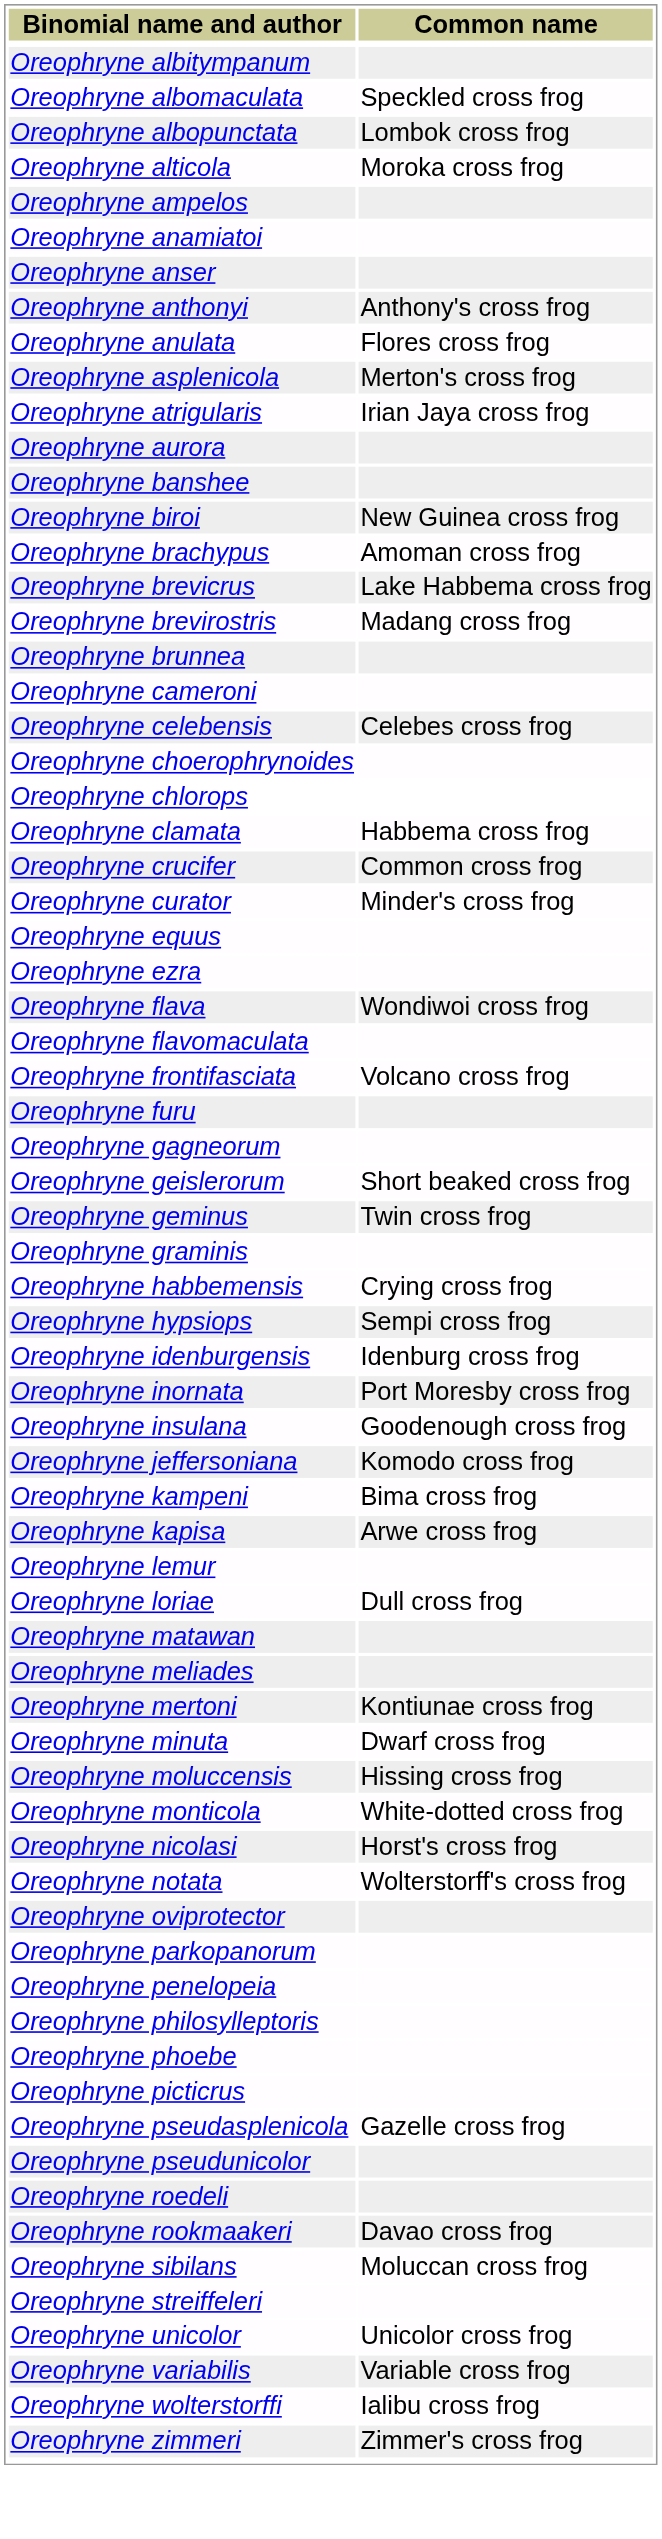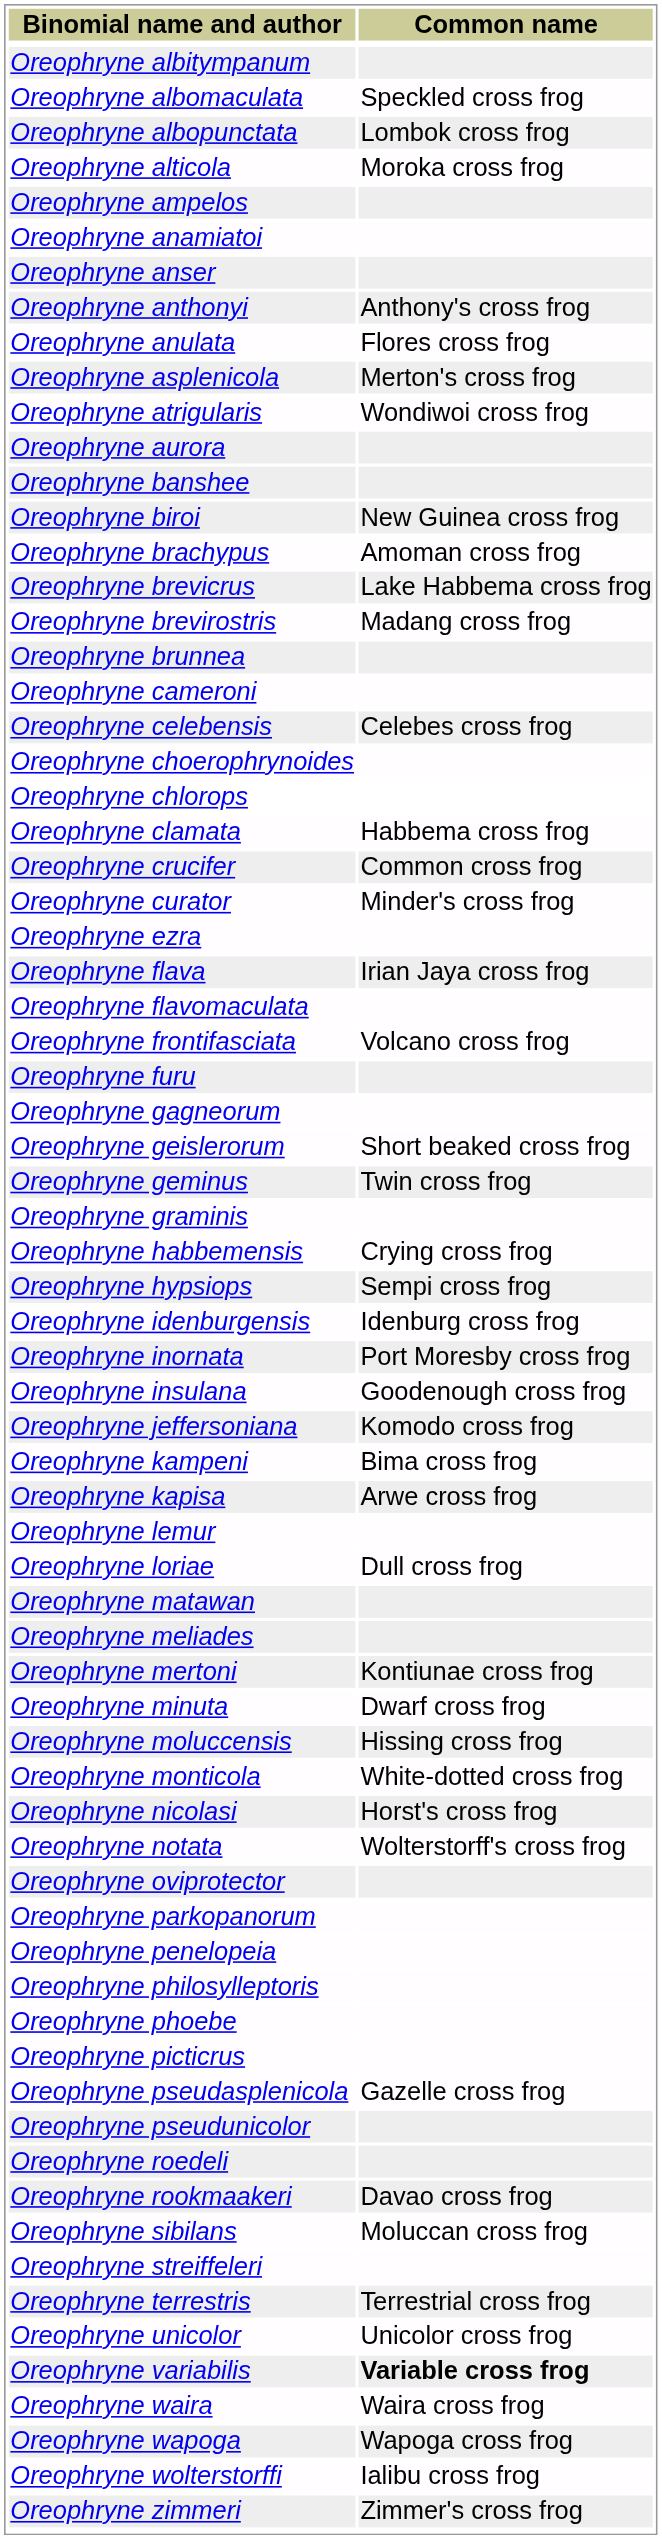 <table style="text-align:left; border:1px solid #999999; ">
 <tr style="background:#CCCC99; text-align: center; ">
 <th>Binomial name and author</th>
 <th>Common name</th>
 </tr>
 <tr>
 </tr>
 <tr style="background:#EEEEEE;">
 <td><em><a href='#'>Oreophryne albitympanum</a></em>  </td>
 <td></td>
 </tr>
 <tr style="background:#FFFDFF;">
 <td><em><a href='#'>Oreophryne albomaculata</a></em> </td>
 <td>Speckled cross frog</td>
 </tr>
 <tr style="background:#EEEEEE;">
 <td><em><a href='#'>Oreophryne albopunctata</a></em> </td>
 <td>Lombok cross frog</td>
 </tr>
 <tr style="background:#FFFDFF;">
 <td><em><a href='#'>Oreophryne alticola</a></em> </td>
 <td>Moroka cross frog</td>
 </tr>
 <tr style="background:#EEEEEE;">
 <td><em><a href='#'>Oreophryne ampelos</a></em> </td>
 <td></td>
 </tr>
 <tr style="background:#FFFDFF;">
 <td><em><a href='#'>Oreophryne anamiatoi</a></em> </td>
 <td></td>
 </tr>
 <tr style="background:#EEEEEE;">
 <td><em><a href='#'>Oreophryne anser</a></em> </td>
 <td></td>
 </tr>
 <tr style="background:#EEEEEE;">
 <td><em><a href='#'>Oreophryne anthonyi</a></em> </td>
 <td>Anthony's cross frog</td>
 </tr>
 <tr style="background:#FFFDFF;">
 <td><em><a href='#'>Oreophryne anulata</a></em> </td>
 <td>Flores cross frog</td>
 </tr>
 <tr style="background:#EEEEEE;">
 <td><em><a href='#'>Oreophryne asplenicola</a></em> </td>
 <td>Merton's cross frog</td>
 </tr>
 <tr style="background:#FFFDFF;">
 <td><em><a href='#'>Oreophryne atrigularis</a></em> </td>
-<td>Irian Jaya cross frog</td>
+<td>Wondiwoi cross frog</td>
 </tr>
 <tr style="background:#EEEEEE;">
 <td><em><a href='#'>Oreophryne aurora</a></em> </td>
 <td></td>
 </tr>
 <tr style="background:#EEEEEE;">
 <td><em><a href='#'>Oreophryne banshee</a></em> </td>
 <td></td>
 </tr>
 <tr style="background:#EEEEEE;">
 <td><em><a href='#'>Oreophryne biroi</a></em> </td>
 <td>New Guinea cross frog</td>
 </tr>
 <tr style="background:#FFFDFF;">
 <td><em><a href='#'>Oreophryne brachypus</a></em> </td>
 <td>Amoman cross frog</td>
 </tr>
 <tr style="background:#EEEEEE;">
 <td><em><a href='#'>Oreophryne brevicrus</a></em> </td>
 <td>Lake Habbema cross frog</td>
 </tr>
 <tr style="background:#FFFDFF;">
 <td><em><a href='#'>Oreophryne brevirostris</a></em> </td>
 <td>Madang cross frog</td>
 </tr>
 <tr style="background:#EEEEEE;">
 <td><em><a href='#'>Oreophryne brunnea</a></em>  </td>
 <td></td>
 </tr>
 <tr style="background:#FFFDFF;">
 <td><em><a href='#'>Oreophryne cameroni</a></em>  </td>
 <td></td>
 </tr>
 <tr style="background:#EEEEEE;">
 <td><em><a href='#'>Oreophryne celebensis</a></em> </td>
 <td>Celebes cross frog</td>
 </tr>
 <tr style="background:#FFFDFF;">
 <td><em><a href='#'>Oreophryne choerophrynoides</a></em>  </td>
 <td></td>
 </tr>
 <tr>
 <td><em><a href='#'>Oreophryne chlorops</a></em> </td>
 <td></td>
 </tr>
 <tr style="background:#FFFDFF;">
 <td><em><a href='#'>Oreophryne clamata</a></em> </td>
 <td>Habbema cross frog</td>
 </tr>
 <tr style="background:#EEEEEE;">
 <td><em><a href='#'>Oreophryne crucifer</a></em> </td>
 <td>Common cross frog</td>
 </tr>
 <tr style="background:#FFFDFF;">
 <td><em><a href='#'>Oreophryne curator</a></em> </td>
 <td>Minder's cross frog</td>
 </tr>
 <tr style="background:#FFFDFF;">
-<td><em><a href='#'>Oreophryne equus</a></em> </td>
-<td></td>
-</tr>
-<tr style="background:#FFFDFF;">
 <td><em><a href='#'>Oreophryne ezra</a></em> </td>
 <td></td>
 </tr>
 <tr style="background:#EEEEEE;">
 <td><em><a href='#'>Oreophryne flava</a></em> </td>
-<td>Wondiwoi cross frog</td>
+<td>Irian Jaya cross frog</td>
 </tr>
 <tr style="background:#FFFDFF;">
 <td><em><a href='#'>Oreophryne flavomaculata</a></em> </td>
 <td></td>
 </tr>
 <tr style="background:#FFFDFF;">
 <td><em><a href='#'>Oreophryne frontifasciata</a></em> </td>
 <td>Volcano cross frog</td>
 </tr>
 <tr style="background:#EEEEEE;">
 <td><em><a href='#'>Oreophryne furu</a></em> </td>
 <td></td>
 </tr>
 <tr style="background:#FFFDFF;">
 <td><em><a href='#'>Oreophryne gagneorum</a></em>  </td>
 <td></td>
 </tr>
 <tr style="background:#FFFDFF;">
 <td><em><a href='#'>Oreophryne geislerorum</a></em> </td>
 <td>Short beaked cross frog</td>
 </tr>
 <tr style="background:#EEEEEE;">
 <td><em><a href='#'>Oreophryne geminus</a></em> </td>
 <td>Twin cross frog</td>
 </tr>
 <tr style="background:#FFFDFF;">
 <td><em><a href='#'>Oreophryne graminis</a></em> </td>
 <td></td>
 </tr>
 <tr style="background:#FFFDFF;">
 <td><em><a href='#'>Oreophryne habbemensis</a></em> </td>
 <td>Crying cross frog</td>
 </tr>
 <tr style="background:#EEEEEE;">
 <td><em><a href='#'>Oreophryne hypsiops</a></em> </td>
 <td>Sempi cross frog</td>
 </tr>
 <tr style="background:#FFFDFF;">
 <td><em><a href='#'>Oreophryne idenburgensis</a></em> </td>
 <td>Idenburg cross frog</td>
 </tr>
 <tr style="background:#EEEEEE;">
 <td><em><a href='#'>Oreophryne inornata</a></em> </td>
 <td>Port Moresby cross frog</td>
 </tr>
 <tr style="background:#FFFDFF;">
 <td><em><a href='#'>Oreophryne insulana</a></em> </td>
 <td>Goodenough cross frog</td>
 </tr>
 <tr style="background:#EEEEEE;">
 <td><em><a href='#'>Oreophryne jeffersoniana</a></em> </td>
 <td>Komodo cross frog</td>
 </tr>
 <tr style="background:#FFFDFF;">
 <td><em><a href='#'>Oreophryne kampeni</a></em> </td>
 <td>Bima cross frog</td>
 </tr>
 <tr style="background:#EEEEEE;">
 <td><em><a href='#'>Oreophryne kapisa</a></em> </td>
 <td>Arwe cross frog</td>
 </tr>
 <tr style="background:#FFFDFF;">
 <td><em><a href='#'>Oreophryne lemur</a></em> </td>
 <td></td>
 </tr>
 <tr style="background:#FFFDFF;">
 <td><em><a href='#'>Oreophryne loriae</a></em> </td>
 <td>Dull cross frog</td>
 </tr>
 <tr style="background:#EEEEEE;">
 <td><em><a href='#'>Oreophryne matawan</a></em> </td>
 <td></td>
 </tr>
 <tr style="background:#EEEEEE;">
 <td><em><a href='#'>Oreophryne meliades</a></em> </td>
 <td></td>
 </tr>
 <tr style="background:#EEEEEE;">
 <td><em><a href='#'>Oreophryne mertoni</a></em> </td>
 <td>Kontiunae cross frog</td>
 </tr>
 <tr style="background:#FFFDFF;">
 <td><em><a href='#'>Oreophryne minuta</a></em> </td>
 <td>Dwarf cross frog</td>
 </tr>
 <tr style="background:#EEEEEE;">
 <td><em><a href='#'>Oreophryne moluccensis</a></em> </td>
 <td>Hissing cross frog</td>
 </tr>
 <tr style="background:#FFFDFF;">
 <td><em><a href='#'>Oreophryne monticola</a></em> </td>
 <td>White-dotted cross frog</td>
 </tr>
 <tr style="background:#EEEEEE;">
 <td><em><a href='#'>Oreophryne nicolasi</a></em> </td>
 <td>Horst's cross frog</td>
 </tr>
 <tr style="background:#FFFDFF;">
 <td><em><a href='#'>Oreophryne notata</a></em> </td>
 <td>Wolterstorff's cross frog</td>
 </tr>
 <tr style="background:#EEEEEE;">
 <td><em><a href='#'>Oreophryne oviprotector</a></em> </td>
 <td></td>
 </tr>
 <tr style="background:#FFFDFF;">
 <td><em><a href='#'>Oreophryne parkopanorum</a></em>  </td>
 <td></td>
 </tr>
 <tr style="background:#FFFDFF;">
 <td><em><a href='#'>Oreophryne penelopeia</a></em> </td>
 <td></td>
 </tr>
 <tr style="background:#FFFDFF;">
 <td><em><a href='#'>Oreophryne philosylleptoris</a></em> </td>
 <td></td>
 </tr>
 <tr style="background:#FFFDFF;">
 <td><em><a href='#'>Oreophryne phoebe</a></em> </td>
 <td></td>
 </tr>
 <tr style="background:#FFFDFF;">
 <td><em><a href='#'>Oreophryne picticrus</a></em> </td>
 <td></td>
 </tr>
 <tr style="background:#FFFDFF;">
 <td><em><a href='#'>Oreophryne pseudasplenicola</a></em> </td>
 <td>Gazelle cross frog</td>
 </tr>
 <tr style="background:#EEEEEE;">
 <td><em><a href='#'>Oreophryne pseudunicolor</a></em> </td>
 <td></td>
 </tr>
 <tr style="background:#EEEEEE;">
 <td><em><a href='#'>Oreophryne roedeli</a></em>  </td>
 <td></td>
 </tr>
 <tr style="background:#EEEEEE;">
 <td><em><a href='#'>Oreophryne rookmaakeri</a></em> </td>
 <td>Davao cross frog</td>
 </tr>
 <tr style="background:#FFFDFF;">
 <td><em><a href='#'>Oreophryne sibilans</a></em> </td>
 <td>Moluccan cross frog</td>
 </tr>
 <tr style="background:#FFFDFF;">
 <td><em><a href='#'>Oreophryne streiffeleri</a></em> </td>
 <td></td>
 </tr>
+<tr style="background:#EEEEEE;">
+<td><em><a href='#'>Oreophryne terrestris</a></em> </td>
+<td>Terrestrial cross frog</td>
+</tr>
 <tr style="background:#FFFDFF;">
 <td><em><a href='#'>Oreophryne unicolor</a></em> </td>
 <td>Unicolor cross frog</td>
 </tr>
 <tr style="background:#EEEEEE;">
 <td><em><a href='#'>Oreophryne variabilis</a></em> </td>
-<td>Variable cross frog</td>
+<td><strong>Variable cross frog</strong></td>
+</tr>
+<tr style="background:#FFFDFF;">
+<td><em><a href='#'>Oreophryne waira</a></em> </td>
+<td>Waira cross frog</td>
+</tr>
+<tr style="background:#EEEEEE;">
+<td><em><a href='#'>Oreophryne wapoga</a></em> </td>
+<td>Wapoga cross frog</td>
 </tr>
 <tr style="background:#FFFDFF;">
 <td><em><a href='#'>Oreophryne wolterstorffi</a></em> </td>
 <td>Ialibu cross frog</td>
 </tr>
 <tr style="background:#EEEEEE;">
 <td><em><a href='#'>Oreophryne zimmeri</a></em> </td>
 <td>Zimmer's cross frog</td>
 </tr>
 <tr>
 </tr>
 </table>
